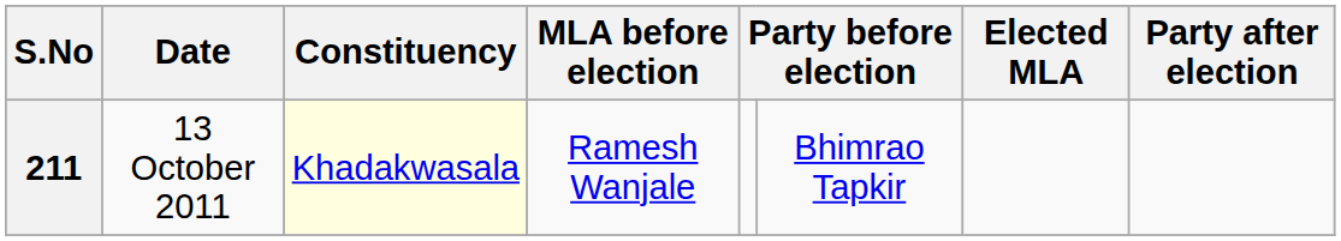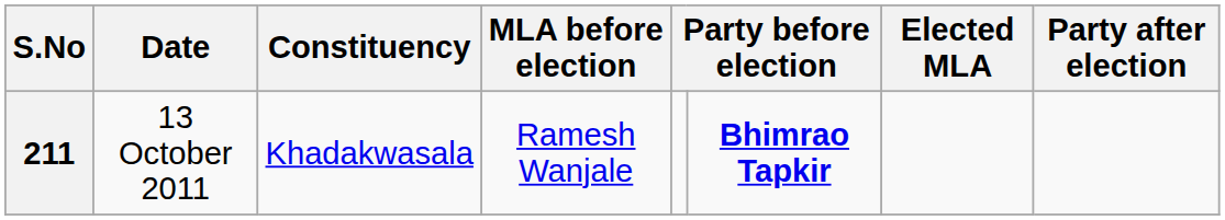 <table class="wikitable sortable" style="text-align:center;">
 <tr>
 <th>S.No</th>
 <th>Date</th>
 <th>Constituency</th>
 <th>MLA before election</th>
 <th colspan="2">Party before election</th>
 <th>Elected MLA</th>
 <th colspan="2">Party after election</th>
 </tr>
 <tr>
 <th>211</th>
 <td>13 October 2011</td>
-<td style="background: lightyellow;"><a href='#'>Khadakwasala</a></td>
+<td><a href='#'>Khadakwasala</a></td>
 <td><a href='#'>Ramesh Wanjale</a></td>
 <td></td>
-<td><a href='#'>Bhimrao Tapkir</a></td>
+<td><strong><a href='#'>Bhimrao Tapkir</a></strong></td>
 <td></td>
 </tr>
 </table>
